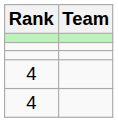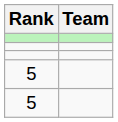 <table class="wikitable">
 <tr>
 <th>Rank</th>
 <th>Team</th>
 </tr>
 <tr style="background: #BBF3BB;">
 <td style="text-align: center;"></td>
 <td></td>
 </tr>
 <tr>
 <td style="text-align: center;"></td>
 <td></td>
 </tr>
 <tr>
 <td style="text-align: center;"></td>
 <td></td>
 </tr>
 <tr>
-<td style="text-align: center;">4</td>
+<td style="text-align: center;">5</td>
 <td></td>
 </tr>
 <tr>
-<td style="text-align: center;">4</td>
+<td style="text-align: center;">5</td>
 <td></td>
 </tr>
 </table>
